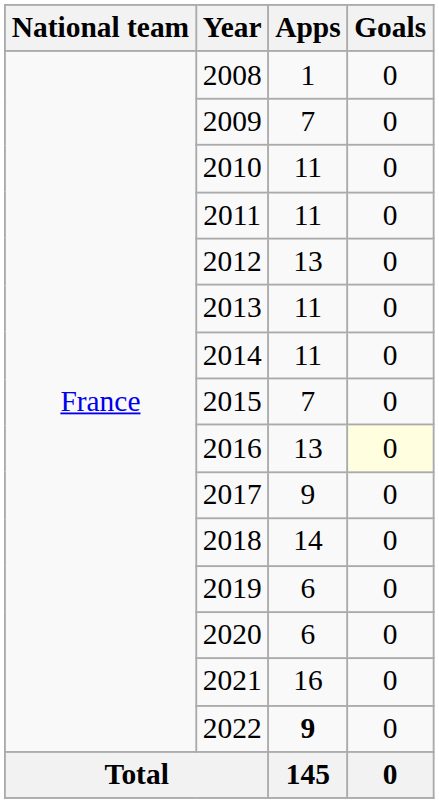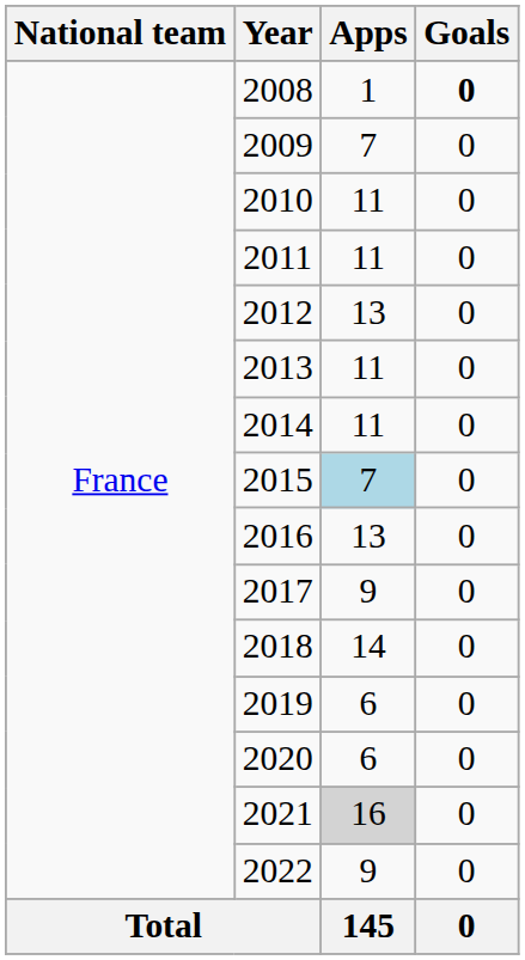 <table class="wikitable" style="text-align: center;">
 <tr>
 <th>National team</th>
 <th>Year</th>
 <th>Apps</th>
 <th>Goals</th>
 </tr>
 <tr>
 <td rowspan="15"><a href='#'>France</a></td>
 <td>2008</td>
 <td>1</td>
-<td>0</td>
+<td><strong>0</strong></td>
 </tr>
 <tr>
 <td>2009</td>
 <td>7</td>
 <td>0</td>
 </tr>
 <tr>
 <td>2010</td>
 <td>11</td>
 <td>0</td>
 </tr>
 <tr>
 <td>2011</td>
 <td>11</td>
 <td>0</td>
 </tr>
 <tr>
 <td>2012</td>
 <td>13</td>
 <td>0</td>
 </tr>
 <tr>
 <td>2013</td>
 <td>11</td>
 <td>0</td>
 </tr>
 <tr>
 <td>2014</td>
 <td>11</td>
 <td>0</td>
 </tr>
 <tr>
 <td>2015</td>
-<td>7</td>
+<td style="background: lightblue;">7</td>
 <td>0</td>
 </tr>
 <tr>
 <td>2016</td>
 <td>13</td>
-<td style="background: lightyellow;">0</td>
+<td>0</td>
 </tr>
 <tr>
 <td>2017</td>
 <td>9</td>
 <td>0</td>
 </tr>
 <tr>
 <td>2018</td>
 <td>14</td>
 <td>0</td>
 </tr>
 <tr>
 <td>2019</td>
 <td>6</td>
 <td>0</td>
 </tr>
 <tr>
 <td>2020</td>
 <td>6</td>
 <td>0</td>
 </tr>
 <tr>
 <td>2021</td>
-<td>16</td>
+<td style="background: lightgrey;">16</td>
 <td>0</td>
 </tr>
 <tr>
 <td>2022</td>
-<td><strong>9</strong></td>
+<td>9</td>
 <td>0</td>
 </tr>
 <tr>
 <th colspan=2>Total</th>
 <th>145</th>
 <th>0</th>
 </tr>
 </table>
